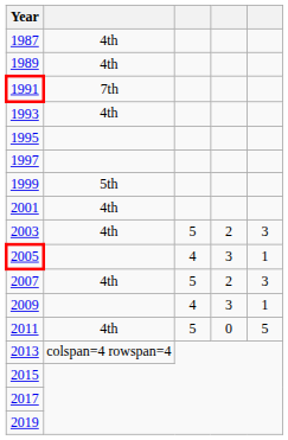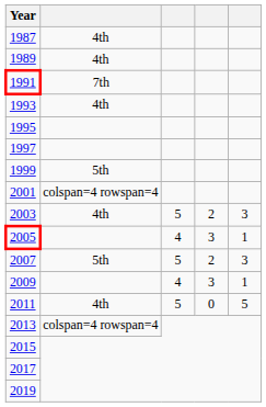 <table class="wikitable" style="text-align: center;font-size:90%;">
 <tr>
 <th>Year</th>
 <th></th>
 <th width=30></th>
 <th width=30></th>
 <th width=30></th>
 </tr>
 <tr>
 <td> <a href='#'>1987</a></td>
 <td>4th</td>
 <td></td>
 <td></td>
 <td></td>
 </tr>
 <tr>
 <td> <a href='#'>1989</a></td>
 <td>4th</td>
 <td></td>
 <td></td>
 <td></td>
 </tr>
 <tr>
 <td style="border: 3px solid red"> <a href='#'>1991</a></td>
 <td>7th</td>
 <td></td>
 <td></td>
 <td></td>
 </tr>
 <tr>
 <td> <a href='#'>1993</a></td>
 <td>4th</td>
 <td></td>
 <td></td>
 <td></td>
 </tr>
 <tr>
 <td> <a href='#'>1995</a></td>
 <td></td>
 <td></td>
 <td></td>
 <td></td>
 </tr>
 <tr>
 <td> <a href='#'>1997</a></td>
 <td></td>
 <td></td>
 <td></td>
 <td></td>
 </tr>
 <tr>
 <td> <a href='#'>1999</a></td>
 <td>5th</td>
 <td></td>
 <td></td>
 <td></td>
 </tr>
 <tr>
 <td> <a href='#'>2001</a></td>
-<td>4th</td>
+<td>colspan=4 rowspan=4 </td>
 <td></td>
 <td></td>
 <td></td>
 </tr>
 <tr>
 <td> <a href='#'>2003</a></td>
 <td>4th</td>
 <td>5</td>
 <td>2</td>
 <td>3</td>
 </tr>
 <tr>
 <td style="border: 3px solid red"> <a href='#'>2005</a></td>
 <td></td>
 <td>4</td>
 <td>3</td>
 <td>1</td>
 </tr>
 <tr>
 <td> <a href='#'>2007</a></td>
-<td>4th</td>
+<td>5th</td>
 <td>5</td>
 <td>2</td>
 <td>3</td>
 </tr>
 <tr>
 <td> <a href='#'>2009</a></td>
 <td></td>
 <td>4</td>
 <td>3</td>
 <td>1</td>
 </tr>
 <tr>
 <td> <a href='#'>2011</a></td>
 <td>4th</td>
 <td>5</td>
 <td>0</td>
 <td>5</td>
 </tr>
 <tr>
 <td> <a href='#'>2013</a></td>
 <td>colspan=4 rowspan=4 </td>
 </tr>
 <tr>
 <td> <a href='#'>2015</a></td>
 </tr>
 <tr>
 <td> <a href='#'>2017</a></td>
 </tr>
 <tr>
 <td> <a href='#'>2019</a></td>
 </tr>
 </table>
